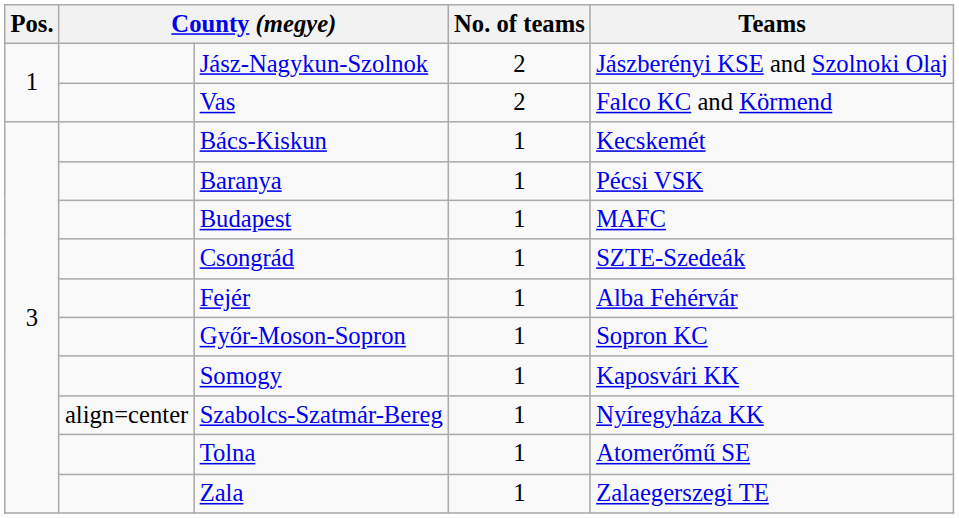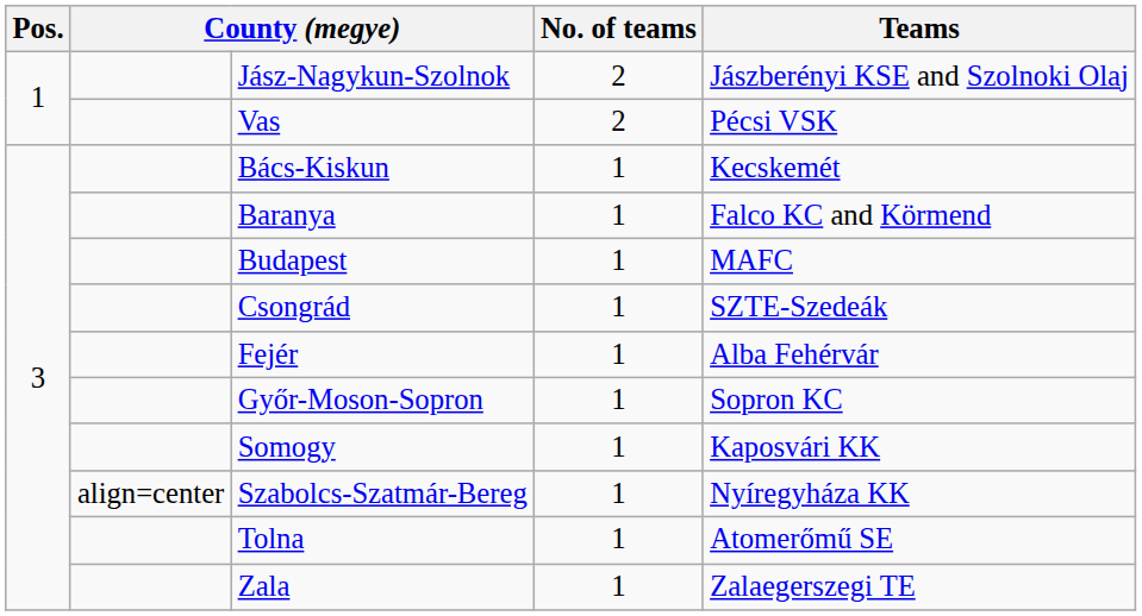 <table class="wikitable">
 <tr>
 <th>Pos.</th>
 <th colspan=2><a href='#'>County</a> <em>(megye)</em></th>
 <th>No. of teams</th>
 <th>Teams</th>
 </tr>
 <tr>
 <td rowspan="2" align="center">1</td>
 <td align=center></td>
 <td><a href='#'>Jász-Nagykun-Szolnok</a></td>
 <td align="center">2</td>
 <td><a href='#'>Jászberényi KSE</a> and <a href='#'>Szolnoki Olaj</a></td>
 </tr>
 <tr>
 <td align=center></td>
 <td><a href='#'>Vas</a></td>
 <td align="center">2</td>
-<td><a href='#'>Falco KC</a> and <a href='#'>Körmend</a></td>
+<td><a href='#'>Pécsi VSK</a></td>
 </tr>
 <tr>
 <td rowspan="10" align="center">3</td>
 <td align=center></td>
 <td><a href='#'>Bács-Kiskun</a></td>
 <td align="center">1</td>
 <td><a href='#'>Kecskemét</a></td>
 </tr>
 <tr>
 <td align=center></td>
 <td><a href='#'>Baranya</a></td>
 <td align="center">1</td>
-<td><a href='#'>Pécsi VSK</a></td>
+<td><a href='#'>Falco KC</a> and <a href='#'>Körmend</a></td>
 </tr>
 <tr>
 <td align=center></td>
 <td><a href='#'>Budapest</a></td>
 <td align="center">1</td>
 <td><a href='#'>MAFC</a></td>
 </tr>
 <tr>
 <td align=center></td>
 <td><a href='#'>Csongrád</a></td>
 <td align="center">1</td>
 <td><a href='#'>SZTE-Szedeák</a></td>
 </tr>
 <tr>
 <td align=center></td>
 <td><a href='#'>Fejér</a></td>
 <td align="center">1</td>
 <td><a href='#'>Alba Fehérvár</a></td>
 </tr>
 <tr>
 <td align=center></td>
 <td><a href='#'>Győr-Moson-Sopron</a></td>
 <td align="center">1</td>
 <td><a href='#'>Sopron KC</a></td>
 </tr>
 <tr>
 <td align=center></td>
 <td><a href='#'>Somogy</a></td>
 <td align="center">1</td>
 <td><a href='#'>Kaposvári KK</a></td>
 </tr>
 <tr>
 <td>align=center</td>
 <td><a href='#'>Szabolcs-Szatmár-Bereg</a></td>
 <td align="center">1</td>
 <td><a href='#'>Nyíregyháza KK</a></td>
 </tr>
 <tr>
 <td align=center></td>
 <td><a href='#'>Tolna</a></td>
 <td align="center">1</td>
 <td><a href='#'>Atomerőmű SE</a></td>
 </tr>
 <tr>
 <td align=center></td>
 <td><a href='#'>Zala</a></td>
 <td align="center">1</td>
 <td><a href='#'>Zalaegerszegi TE</a></td>
 </tr>
 </table>
